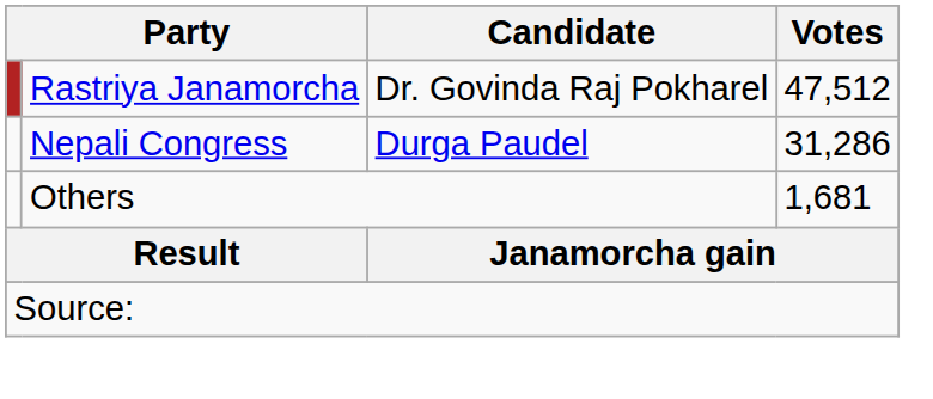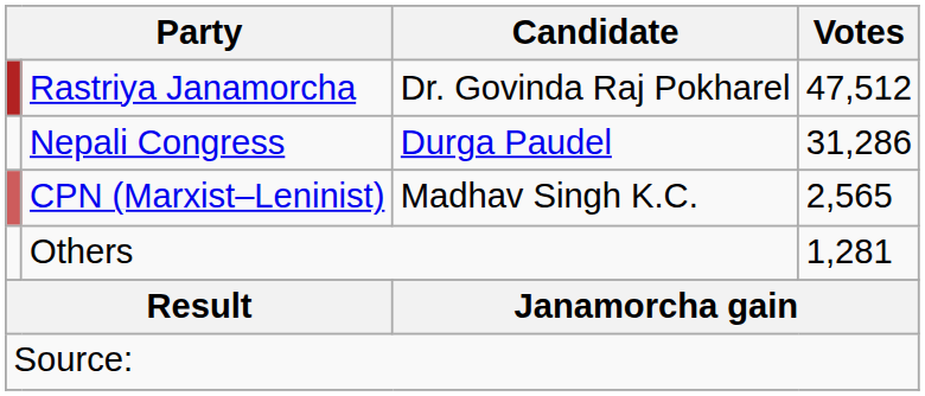 <table class="wikitable">
 <tr>
 <th colspan="2">Party</th>
 <th>Candidate</th>
 <th>Votes</th>
 </tr>
 <tr>
 <td style="background-color:firebrick"></td>
 <td><a href='#'>Rastriya Janamorcha</a></td>
 <td>Dr. Govinda Raj Pokharel</td>
 <td>47,512</td>
 </tr>
 <tr>
 <td style="background-color:"></td>
 <td><a href='#'>Nepali Congress</a></td>
 <td><a href='#'>Durga Paudel</a></td>
 <td>31,286</td>
 </tr>
 <tr>
+<td style="background-color:indianred"></td>
+<td><a href='#'>CPN (Marxist–Leninist)</a></td>
+<td>Madhav Singh K.C.</td>
+<td>2,565</td>
+</tr>
+<tr>
 <td></td>
 <td colspan="2">Others</td>
-<td>1,681</td>
+<td>1,281</td>
 </tr>
 <tr>
 <th colspan="2">Result</th>
 <th colspan="2">Janamorcha gain</th>
 </tr>
 <tr>
 <td colspan="4">Source: </td>
 </tr>
 </table>
